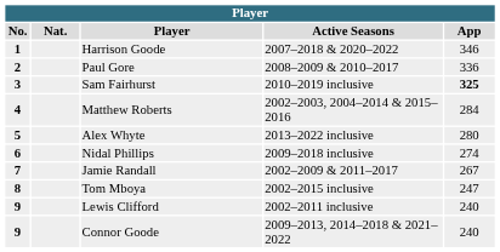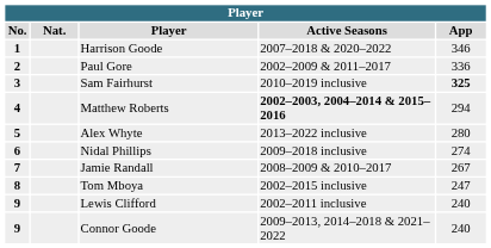 <table class="toccolours"  style="width:97%; clear:both; margin:1.5em auto; text-align:center;">
 <tr>
 <th colspan="11" style="background:#2f6d81; color:white;”">Player</th>
 </tr>
 <tr style="background:#ddd;">
 <th width=5%>No.</th>
 <th width=10%>Nat.</th>
 <th !width=30%>Player</th>
 <th width=37%>Active Seasons</th>
 <th widith=18%>App</th>
 </tr>
 <tr style="background:#eee;">
 <td><strong>1</strong></td>
 <td></td>
 <td align="left">Harrison Goode</td>
 <td align=left>2007–2018 & 2020–2022</td>
 <td>346</td>
 </tr>
 <tr style="background:#eee;">
 <td><strong>2</strong></td>
 <td></td>
 <td align=left>Paul Gore</td>
-<td align=left>2008–2009 & 2010–2017</td>
+<td align=left>2002–2009 & 2011–2017</td>
 <td>336</td>
 </tr>
 <tr style="background:#eee;">
 <td><strong>3</strong></td>
 <td></td>
 <td align=left>Sam Fairhurst</td>
 <td align=left>2010–2019 inclusive</td>
 <td><strong>325</strong></td>
 </tr>
 <tr style="background:#eee;">
 <td><strong>4</strong></td>
 <td></td>
 <td align="left">Matthew Roberts</td>
-<td align=left>2002–2003, 2004–2014 & 2015–2016</td>
-<td>284</td>
+<td align=left><strong>2002–2003, 2004–2014 & 2015–2016</strong></td>
+<td>294</td>
 </tr>
 <tr style="background:#eee;">
 <td><strong>5</strong></td>
 <td></td>
 <td align=left>Alex Whyte</td>
 <td align=left>2013–2022 inclusive</td>
 <td>280</td>
 </tr>
 <tr style="background:#eee;">
 <td><strong>6</strong></td>
 <td></td>
 <td align=left>Nidal Phillips</td>
 <td align=left>2009–2018 inclusive</td>
 <td>274</td>
 </tr>
 <tr style="background:#eee;">
 <td><strong>7</strong></td>
 <td></td>
 <td align=left>Jamie Randall</td>
-<td align=left>2002–2009 & 2011–2017</td>
+<td align=left>2008–2009 & 2010–2017</td>
 <td>267</td>
 </tr>
 <tr style="background:#eee;">
 <td><strong>8</strong></td>
 <td></td>
 <td align=left>Tom Mboya</td>
 <td align=left>2002–2015 inclusive</td>
 <td>247</td>
 </tr>
 <tr style="background:#eee;">
 <td><strong>9</strong></td>
 <td></td>
 <td align=left>Lewis Clifford</td>
 <td align=left>2002–2011 inclusive</td>
 <td>240</td>
 </tr>
 <tr style="background:#eee;">
 <td><strong>9</strong></td>
 <td></td>
 <td align=left>Connor Goode</td>
 <td align=left>2009–2013, 2014–2018 & 2021–2022</td>
 <td>240</td>
 </tr>
 </table>
